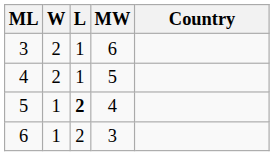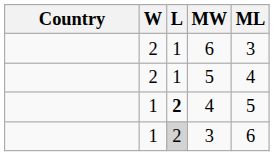 <table class="wikitable sortable" style="text-align:center">
 <tr>
-<th>ML</th>
+<th width=110>Country</th>
 <th>W</th>
 <th>L</th>
 <th>MW</th>
-<th width=110>Country</th>
+<th>ML</th>
 </tr>
 <tr>
-<td>3</td>
+<td align=left><strong></strong></td>
 <td>2</td>
 <td>1</td>
 <td>6</td>
-<td align=left><strong></strong></td>
+<td>3</td>
 </tr>
 <tr>
-<td>4</td>
+<td align=left></td>
 <td>2</td>
 <td>1</td>
 <td>5</td>
-<td align=left></td>
+<td>4</td>
 </tr>
 <tr>
-<td>5</td>
+<td align=left></td>
 <td>1</td>
 <td><strong>2</strong></td>
 <td>4</td>
-<td align=left></td>
+<td>5</td>
 </tr>
 <tr>
+<td align=left></td>
+<td>1</td>
+<td style="background: lightgrey;">2</td>
+<td>3</td>
 <td>6</td>
-<td>1</td>
-<td>2</td>
-<td>3</td>
-<td align=left></td>
 </tr>
 </table>
